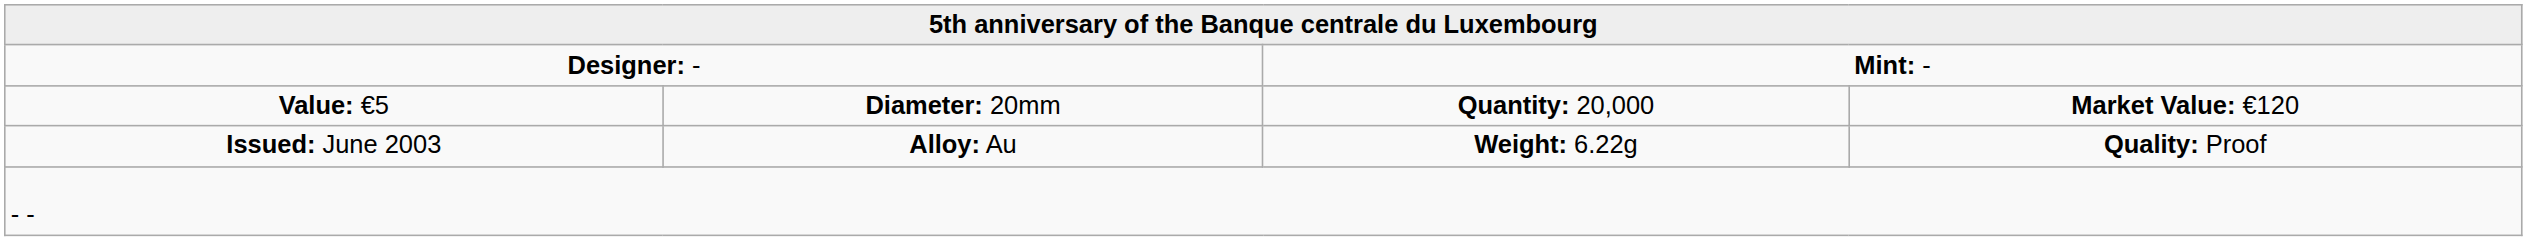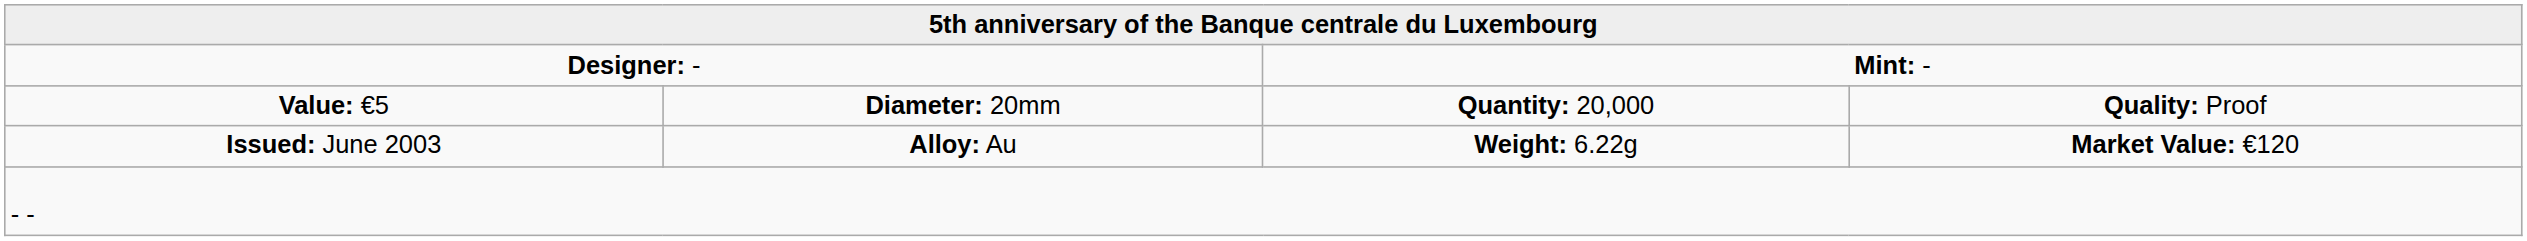 <table class="wikitable" width=100%>
 <tr>
 <th colspan="4" align=center style="background:#eeeeee;">5th anniversary of the Banque centrale du Luxembourg</th>
 </tr>
 <tr>
 <td colspan="2" width="50%" align=center><strong>Designer:</strong>	-</td>
 <td colspan="2" width="50%" align=center><strong>Mint:</strong> -</td>
 </tr>
 <tr>
 <td align=center><strong>Value:</strong>	€5</td>
 <td align=center><strong>Diameter:</strong>	20mm</td>
 <td align=center><strong>Quantity:</strong>	20,000</td>
-<td align=center><strong>Market Value:</strong>	€120</td>
+<td align=center><strong>Quality:</strong>	Proof</td>
 </tr>
 <tr>
 <td align=center><strong>Issued:</strong>	June 2003</td>
 <td align=center><strong>Alloy:</strong>	Au</td>
 <td align=center><strong>Weight:</strong>	6.22g</td>
-<td align=center><strong>Quality:</strong>	Proof</td>
+<td align=center><strong>Market Value:</strong>	€120</td>
 </tr>
 <tr>
 <td colspan="5" align=left><br>-	 -</td>
 </tr>
 </table>
